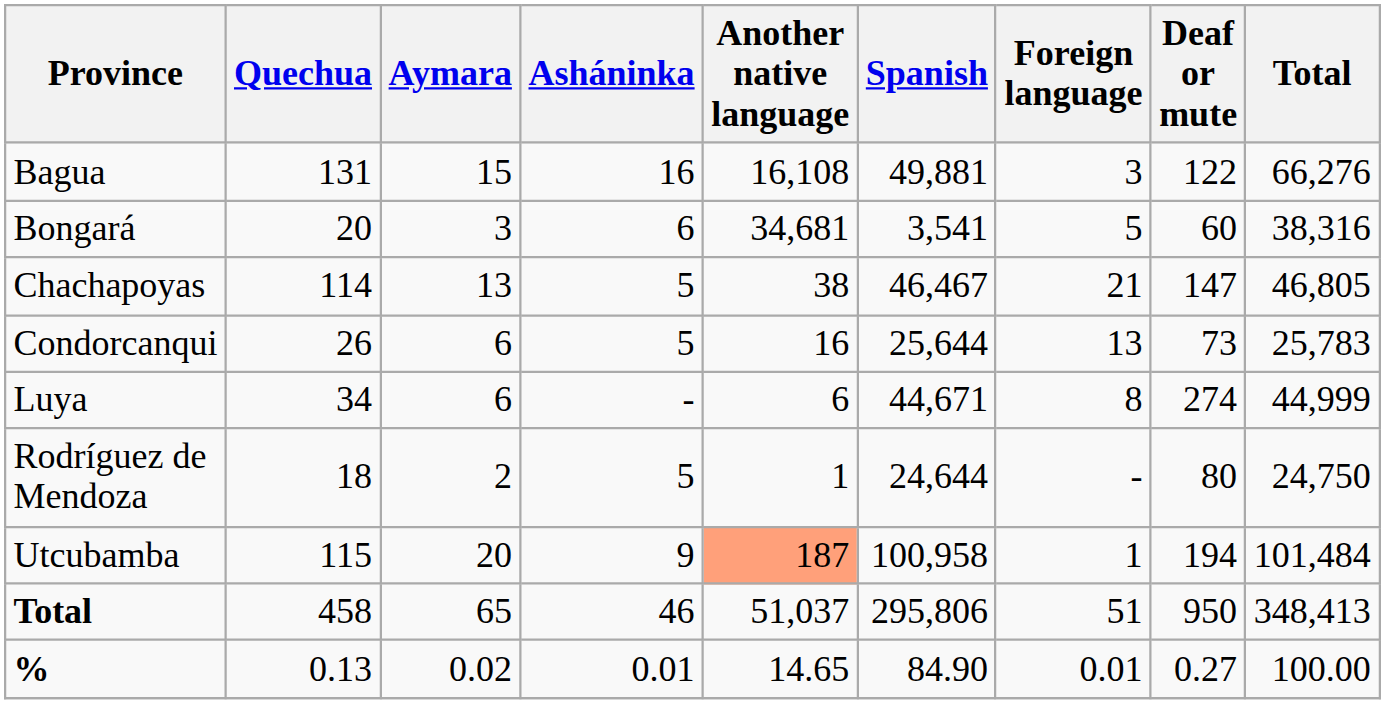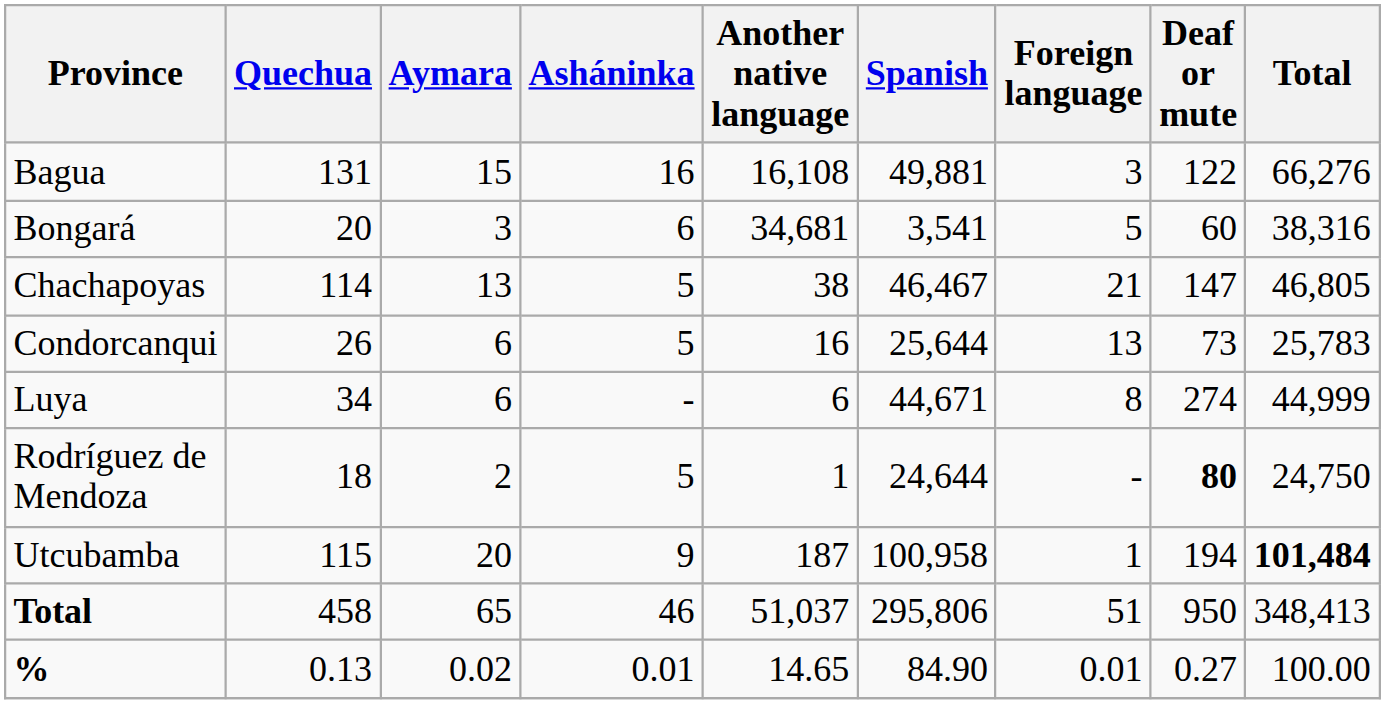 <table class="wikitable" border="1" style="width:35%;" border="1">
 <tr bgcolor=#EFEFEF>
 <th>Province</th>
 <th><a href='#'>Quechua</a></th>
 <th><a href='#'>Aymara</a></th>
 <th><a href='#'>Asháninka</a></th>
 <th>Another native language</th>
 <th><a href='#'>Spanish</a></th>
 <th>Foreign language</th>
 <th>Deaf or mute</th>
 <th>Total</th>
 </tr>
 <tr>
 <td>Bagua</td>
 <td align="right">131</td>
 <td align="right">15</td>
 <td align="right">16</td>
 <td align="right">16,108</td>
 <td align="right">49,881</td>
 <td align="right">3</td>
 <td align="right">122</td>
 <td align="right">66,276</td>
 </tr>
 <tr>
 <td>Bongará</td>
 <td align="right">20</td>
 <td align="right">3</td>
 <td align="right">6</td>
 <td align="right">34,681</td>
 <td align="right">3,541</td>
 <td align="right">5</td>
 <td align="right">60</td>
 <td align="right">38,316</td>
 </tr>
 <tr>
 <td>Chachapoyas</td>
 <td align="right">114</td>
 <td align="right">13</td>
 <td align="right">5</td>
 <td align="right">38</td>
 <td align="right">46,467</td>
 <td align="right">21</td>
 <td align="right">147</td>
 <td align="right">46,805</td>
 </tr>
 <tr>
 <td>Condorcanqui</td>
 <td align="right">26</td>
 <td align="right">6</td>
 <td align="right">5</td>
 <td align="right">16</td>
 <td align="right">25,644</td>
 <td align="right">13</td>
 <td align="right">73</td>
 <td align="right">25,783</td>
 </tr>
 <tr>
 <td>Luya</td>
 <td align="right">34</td>
 <td align="right">6</td>
 <td align="right">-</td>
 <td align="right">6</td>
 <td align="right">44,671</td>
 <td align="right">8</td>
 <td align="right">274</td>
 <td align="right">44,999</td>
 </tr>
 <tr>
 <td>Rodríguez de Mendoza</td>
 <td align="right">18</td>
 <td align="right">2</td>
 <td align="right">5</td>
 <td align="right">1</td>
 <td align="right">24,644</td>
 <td align="right">-</td>
-<td align="right">80</td>
+<td align="right"><strong>80</strong></td>
 <td align="right">24,750</td>
 </tr>
 <tr>
 <td>Utcubamba</td>
 <td align="right">115</td>
 <td align="right">20</td>
 <td align="right">9</td>
-<td align="right" style="background: lightsalmon;">187</td>
+<td align="right">187</td>
 <td align="right">100,958</td>
 <td align="right">1</td>
 <td align="right">194</td>
-<td align="right">101,484</td>
+<td align="right"><strong>101,484</strong></td>
 </tr>
 <tr>
 <td><strong>Total</strong></td>
 <td align="right">458</td>
 <td align="right">65</td>
 <td align="right">46</td>
 <td align="right">51,037</td>
 <td align="right">295,806</td>
 <td align="right">51</td>
 <td align="right">950</td>
 <td align="right">348,413</td>
 </tr>
 <tr>
 <td><strong>%</strong></td>
 <td align="right">0.13</td>
 <td align="right">0.02</td>
 <td align="right">0.01</td>
 <td align="right">14.65</td>
 <td align="right">84.90</td>
 <td align="right">0.01</td>
 <td align="right">0.27</td>
 <td align="right">100.00</td>
 </tr>
 <tr>
 </tr>
 </table>
